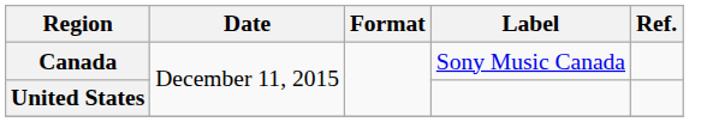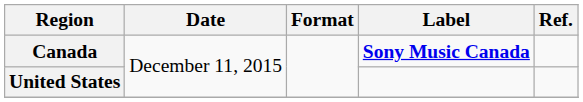 <table class="wikitable plainrowheaders">
 <tr>
 <th scope="col">Region</th>
 <th scope="col">Date</th>
 <th scope="col">Format</th>
 <th scope="col">Label</th>
 <th scope="col">Ref.</th>
 </tr>
 <tr>
 <th scope="row">Canada</th>
 <td rowspan="2">December 11, 2015</td>
 <td rowspan="2"></td>
-<td><a href='#'>Sony Music Canada</a></td>
+<td><strong><a href='#'>Sony Music Canada</a></strong></td>
 <td style="text-align:center;"></td>
 </tr>
 <tr>
 <th scope="row">United States</th>
 <td></td>
 <td style="text-align:center;"></td>
 </tr>
 <tr>
 </tr>
 </table>
